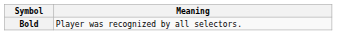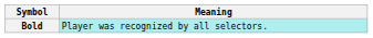 <table class="wikitable plainrowheaders" border="1">
 <tr>
 <th scope="col" style="width:75px">Symbol</th>
 <th scope="col" style="width:450px">Meaning</th>
 </tr>
 <tr>
 <th scope="row" style="text-align:center;"><strong>Bold</strong></th>
-<td>Player was recognized by all selectors.</td>
+<td style="background: paleturquoise;">Player was recognized by all selectors.</td>
 </tr>
 </table>
